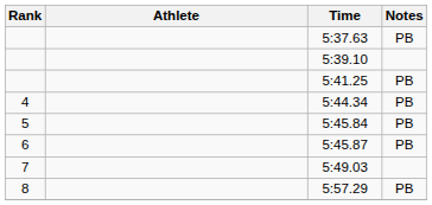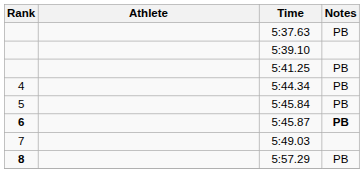 <table class="wikitable" style="text-align:center">
 <tr>
 <th>Rank</th>
 <th width=300>Athlete</th>
 <th width=80>Time</th>
 <th>Notes</th>
 </tr>
 <tr>
 <td></td>
 <td align=left></td>
 <td>5:37.63</td>
 <td>PB</td>
 </tr>
 <tr>
 <td></td>
 <td align=left></td>
 <td>5:39.10</td>
 <td></td>
 </tr>
 <tr>
 <td></td>
 <td align=left></td>
 <td>5:41.25</td>
 <td>PB</td>
 </tr>
 <tr>
 <td>4</td>
 <td align=left></td>
 <td>5:44.34</td>
 <td>PB</td>
 </tr>
 <tr>
 <td>5</td>
 <td align=left></td>
 <td>5:45.84</td>
 <td>PB</td>
 </tr>
 <tr>
-<td>6</td>
+<td><strong>6</strong></td>
 <td align=left></td>
 <td>5:45.87</td>
-<td>PB</td>
+<td><strong>PB</strong></td>
 </tr>
 <tr>
 <td>7</td>
 <td align=left></td>
 <td>5:49.03</td>
 <td></td>
 </tr>
 <tr>
-<td>8</td>
+<td><strong>8</strong></td>
 <td align=left></td>
 <td>5:57.29</td>
 <td>PB</td>
 </tr>
 <tr>
 </tr>
 </table>
